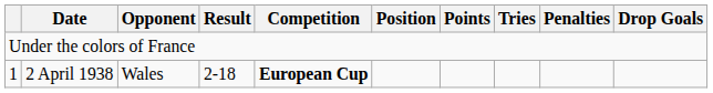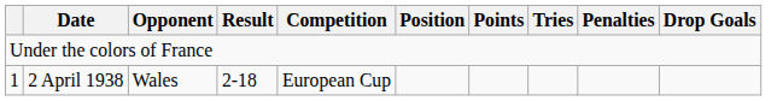 <table class="wikitable">
 <tr>
 <th></th>
 <th>Date</th>
 <th>Opponent</th>
 <th>Result</th>
 <th>Competition</th>
 <th>Position</th>
 <th>Points</th>
 <th>Tries</th>
 <th>Penalties</th>
 <th>Drop Goals</th>
 </tr>
 <tr>
 <td colspan="10">Under the colors of France</td>
 </tr>
 <tr>
 <td>1</td>
 <td>2 April 1938</td>
 <td>Wales</td>
 <td>2-18</td>
-<td><strong>European Cup</strong></td>
+<td>European Cup</td>
 <td></td>
 <td></td>
 <td></td>
 <td></td>
 <td></td>
 </tr>
 </table>
